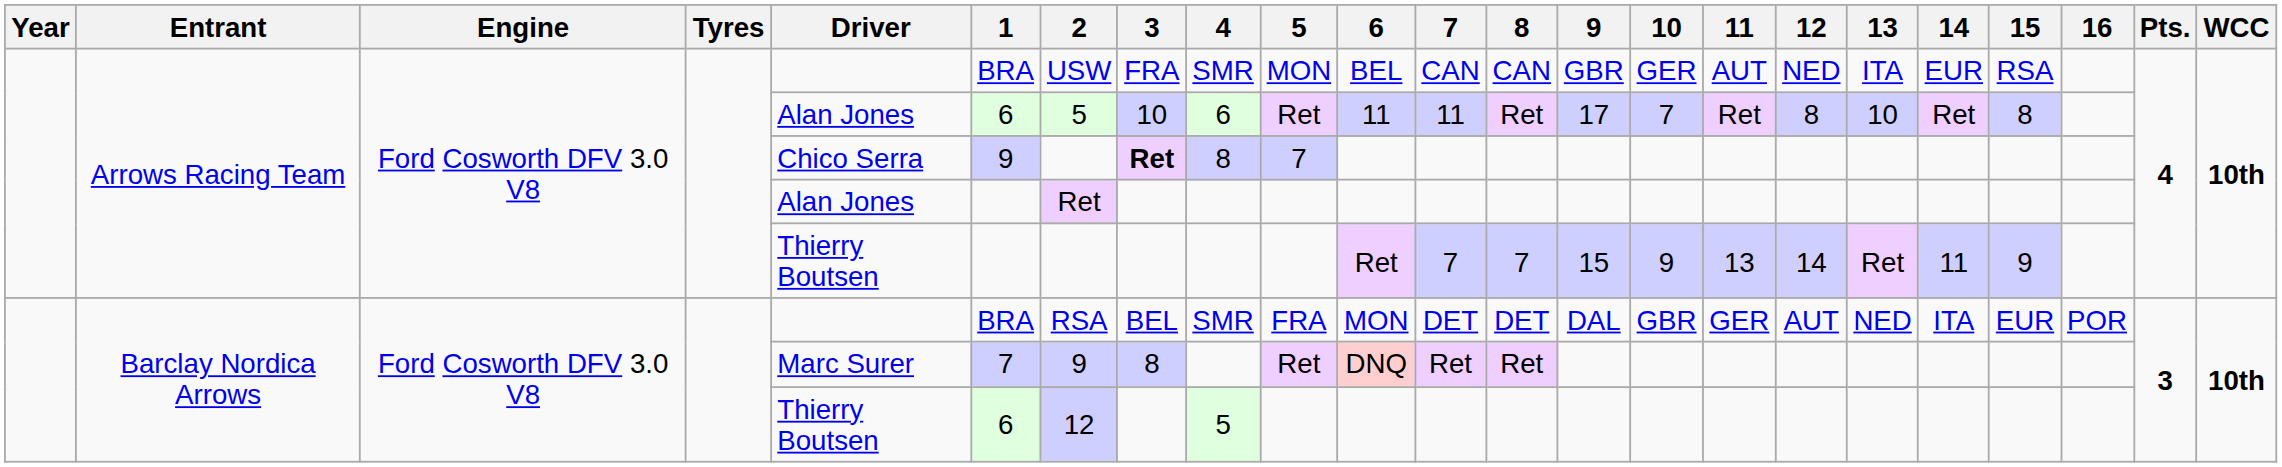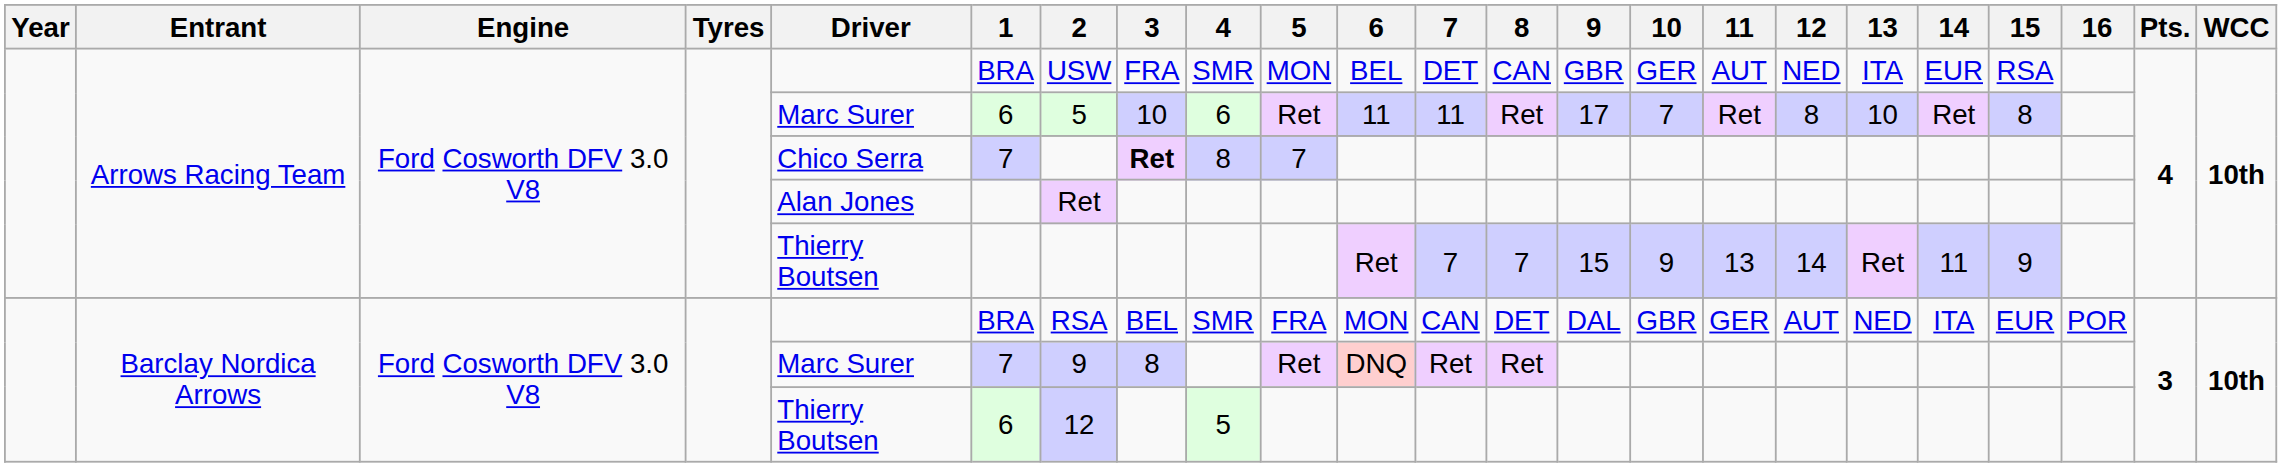 <table class="wikitable" style="text-align:center; font-size:95%">
 <tr>
 <th>Year</th>
 <th>Entrant</th>
 <th>Engine</th>
 <th>Tyres</th>
 <th>Driver</th>
 <th>1</th>
 <th>2</th>
 <th>3</th>
 <th>4</th>
 <th>5</th>
 <th>6</th>
 <th>7</th>
 <th>8</th>
 <th>9</th>
 <th>10</th>
 <th>11</th>
 <th>12</th>
 <th>13</th>
 <th>14</th>
 <th>15</th>
 <th>16</th>
 <th>Pts.</th>
 <th>WCC</th>
 </tr>
 <tr>
 <td rowspan="5"></td>
 <td rowspan="5"><a href='#'>Arrows Racing Team</a></td>
 <td rowspan="5"><a href='#'>Ford</a> <a href='#'>Cosworth DFV</a> 3.0 <a href='#'>V8</a></td>
 <td rowspan="5"></td>
 <td></td>
 <td><a href='#'>BRA</a></td>
 <td><a href='#'>USW</a></td>
 <td><a href='#'>FRA</a></td>
 <td><a href='#'>SMR</a></td>
 <td><a href='#'>MON</a></td>
 <td><a href='#'>BEL</a></td>
-<td><a href='#'>CAN</a></td>
+<td><a href='#'>DET</a></td>
 <td><a href='#'>CAN</a></td>
 <td><a href='#'>GBR</a></td>
 <td><a href='#'>GER</a></td>
 <td><a href='#'>AUT</a></td>
 <td><a href='#'>NED</a></td>
 <td><a href='#'>ITA</a></td>
 <td><a href='#'>EUR</a></td>
 <td><a href='#'>RSA</a></td>
 <td></td>
 <td rowspan="5"><strong>4</strong></td>
 <td rowspan="5"><strong>10th</strong></td>
 </tr>
 <tr>
-<td align="left"><a href='#'>Alan Jones</a></td>
+<td align="left"><a href='#'>Marc Surer</a></td>
 <td style="background:#dfffdf;">6</td>
 <td style="background:#dfffdf;">5</td>
 <td style="background:#cfcfff;">10</td>
 <td style="background:#dfffdf;">6</td>
 <td style="background:#efcfff;">Ret</td>
 <td style="background:#cfcfff;">11</td>
 <td style="background:#cfcfff;">11</td>
 <td style="background:#efcfff;">Ret</td>
 <td style="background:#cfcfff;">17</td>
 <td style="background:#cfcfff;">7</td>
 <td style="background:#efcfff;">Ret</td>
 <td style="background:#cfcfff;">8</td>
 <td style="background:#cfcfff;">10</td>
 <td style="background:#efcfff;">Ret</td>
 <td style="background:#cfcfff;">8</td>
 <td></td>
 </tr>
 <tr>
 <td align="left"><a href='#'>Chico Serra</a></td>
-<td style="background:#cfcfff;">9</td>
+<td style="background:#cfcfff;">7</td>
 <td></td>
 <td style="background:#efcfff;"><strong>Ret</strong></td>
 <td style="background:#cfcfff;">8</td>
 <td style="background:#cfcfff;">7</td>
 <td></td>
 <td></td>
 <td></td>
 <td></td>
 <td></td>
 <td></td>
 <td></td>
 <td></td>
 <td></td>
 <td></td>
 <td></td>
 </tr>
 <tr>
 <td align="left"><a href='#'>Alan Jones</a></td>
 <td></td>
 <td style="background:#efcfff;">Ret</td>
 <td></td>
 <td></td>
 <td></td>
 <td></td>
 <td></td>
 <td></td>
 <td></td>
 <td></td>
 <td></td>
 <td></td>
 <td></td>
 <td></td>
 <td></td>
 <td></td>
 </tr>
 <tr>
 <td align="left"><a href='#'>Thierry Boutsen</a></td>
 <td></td>
 <td></td>
 <td></td>
 <td></td>
 <td></td>
 <td style="background:#efcfff;">Ret</td>
 <td style="background:#cfcfff;">7</td>
 <td style="background:#cfcfff;">7</td>
 <td style="background:#cfcfff;">15</td>
 <td style="background:#cfcfff;">9</td>
 <td style="background:#cfcfff;">13</td>
 <td style="background:#cfcfff;">14</td>
 <td style="background:#efcfff;">Ret</td>
 <td style="background:#cfcfff;">11</td>
 <td style="background:#cfcfff;">9</td>
 <td></td>
 </tr>
 <tr>
 <td rowspan="3"></td>
 <td rowspan="3"><a href='#'>Barclay Nordica Arrows</a></td>
 <td rowspan="3"><a href='#'>Ford</a> <a href='#'>Cosworth DFV</a> 3.0 <a href='#'>V8</a></td>
 <td rowspan="3"></td>
 <td></td>
 <td><a href='#'>BRA</a></td>
 <td><a href='#'>RSA</a></td>
 <td><a href='#'>BEL</a></td>
 <td><a href='#'>SMR</a></td>
 <td><a href='#'>FRA</a></td>
 <td><a href='#'>MON</a></td>
-<td><a href='#'>DET</a></td>
+<td><a href='#'>CAN</a></td>
 <td><a href='#'>DET</a></td>
 <td><a href='#'>DAL</a></td>
 <td><a href='#'>GBR</a></td>
 <td><a href='#'>GER</a></td>
 <td><a href='#'>AUT</a></td>
 <td><a href='#'>NED</a></td>
 <td><a href='#'>ITA</a></td>
 <td><a href='#'>EUR</a></td>
 <td><a href='#'>POR</a></td>
 <td rowspan="3"><strong>3</strong></td>
 <td rowspan="3"><strong>10th</strong></td>
 </tr>
 <tr>
 <td align="left"><a href='#'>Marc Surer</a></td>
 <td style="background:#cfcfff;">7</td>
 <td style="background:#cfcfff;">9</td>
 <td style="background:#cfcfff;">8</td>
 <td></td>
 <td style="background:#efcfff;">Ret</td>
 <td style="background:#ffcfcf;">DNQ</td>
 <td style="background:#efcfff;">Ret</td>
 <td style="background:#efcfff;">Ret</td>
 <td></td>
 <td></td>
 <td></td>
 <td></td>
 <td></td>
 <td></td>
 <td></td>
 <td></td>
 </tr>
 <tr>
 <td align="left"><a href='#'>Thierry Boutsen</a></td>
 <td style="background:#dfffdf;">6</td>
 <td style="background:#cfcfff;">12</td>
 <td></td>
 <td style="background:#dfffdf;">5</td>
 <td></td>
 <td></td>
 <td></td>
 <td></td>
 <td></td>
 <td></td>
 <td></td>
 <td></td>
 <td></td>
 <td></td>
 <td></td>
 <td></td>
 </tr>
 </table>
